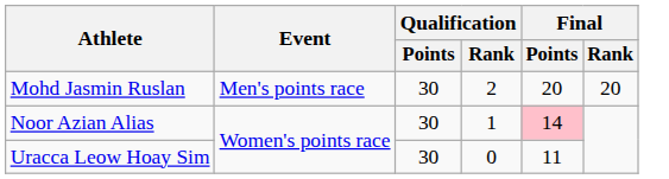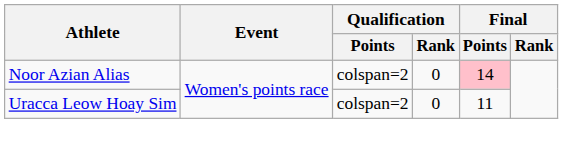 <table class="wikitable" style="font-size:90%;">
 <tr>
 <th rowspan=2>Athlete</th>
 <th rowspan=2>Event</th>
 <th colspan=2>Qualification</th>
 <th colspan=2>Final</th>
 </tr>
 <tr style="font-size:95%">
 <th>Points</th>
 <th>Rank</th>
 <th>Points</th>
 <th>Rank</th>
 </tr>
 <tr align=center>
-<td align=left><a href='#'>Mohd Jasmin Ruslan</a></td>
-<td align=left><a href='#'>Men's points race</a></td>
-<td>30</td>
-<td>2</td>
-<td>20</td>
-<td>20</td>
-</tr>
-<tr align=center>
 <td align=left><a href='#'>Noor Azian Alias</a></td>
 <td align=left rowspan=2><a href='#'>Women's points race</a></td>
-<td>30</td>
-<td>1</td>
+<td>colspan=2 </td>
+<td>0</td>
 <td style="background: pink;">14</td>
 </tr>
 <tr align=center>
 <td align=left><a href='#'>Uracca Leow Hoay Sim</a></td>
-<td>30</td>
+<td>colspan=2 </td>
 <td>0</td>
 <td>11</td>
 </tr>
 </table>
